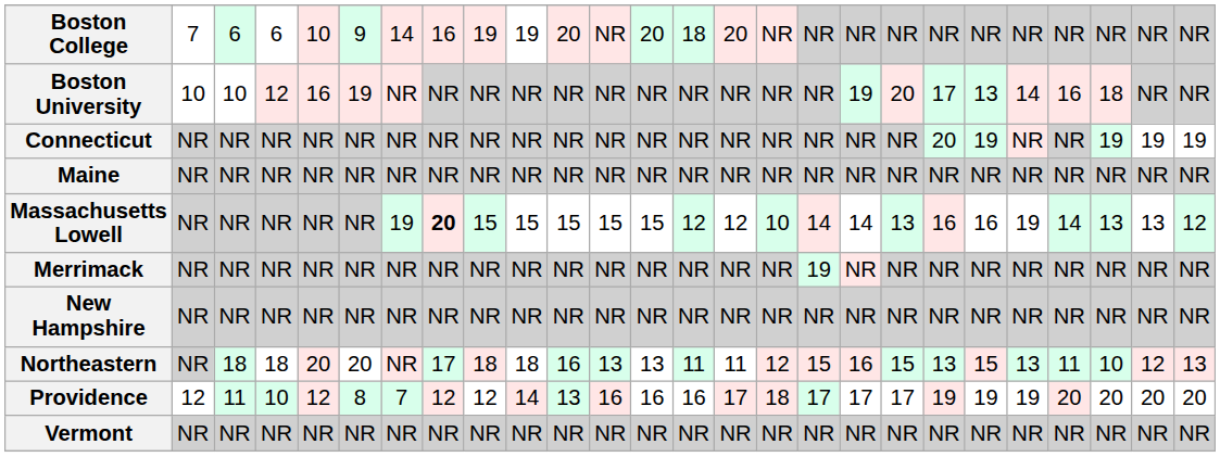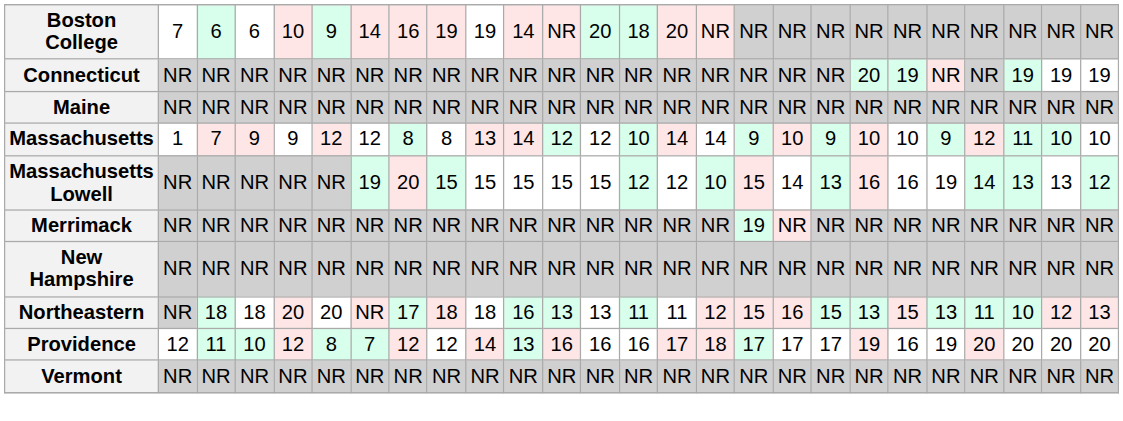 <table class="wikitable sortable" style="text-align: center;">
 <tr>
 </tr>
 <tr>
 <th>Boston College</th>
 <td bgcolor=FFFFFF>7</td>
 <td bgcolor=D8FFEB>6</td>
 <td bgcolor=FFFFFF>6</td>
 <td bgcolor=FFE6E6>10</td>
 <td bgcolor=D8FFEB>9</td>
 <td bgcolor=FFE6E6>14</td>
 <td bgcolor=FFE6E6>16</td>
 <td bgcolor=FFE6E6>19</td>
 <td bgcolor=FFFFFF>19</td>
-<td bgcolor=FFE6E6>20</td>
+<td bgcolor=FFE6E6>14</td>
 <td bgcolor=FFE6E6>NR</td>
 <td bgcolor=D8FFEB>20</td>
 <td bgcolor=D8FFEB>18</td>
 <td bgcolor=FFE6E6>20</td>
 <td bgcolor=FFE6E6>NR</td>
 <td bgcolor=d0d0d0>NR</td>
 <td bgcolor=d0d0d0>NR</td>
 <td bgcolor=d0d0d0>NR</td>
 <td bgcolor=d0d0d0>NR</td>
 <td bgcolor=d0d0d0>NR</td>
 <td bgcolor=d0d0d0>NR</td>
 <td bgcolor=d0d0d0>NR</td>
 <td bgcolor=d0d0d0>NR</td>
-<td bgcolor=d0d0d0>NR</td>
-<td bgcolor=d0d0d0>NR</td>
-</tr>
-<tr>
-<th>Boston University</th>
-<td bgcolor=FFFFFF>10</td>
-<td bgcolor=FFFFFF>10</td>
-<td bgcolor=FFE6E6>12</td>
-<td bgcolor=FFE6E6>16</td>
-<td bgcolor=FFE6E6>19</td>
-<td bgcolor=FFE6E6>NR</td>
-<td bgcolor=d0d0d0>NR</td>
-<td bgcolor=d0d0d0>NR</td>
-<td bgcolor=d0d0d0>NR</td>
-<td bgcolor=d0d0d0>NR</td>
-<td bgcolor=d0d0d0>NR</td>
-<td bgcolor=d0d0d0>NR</td>
-<td bgcolor=d0d0d0>NR</td>
-<td bgcolor=d0d0d0>NR</td>
-<td bgcolor=d0d0d0>NR</td>
-<td bgcolor=d0d0d0>NR</td>
-<td bgcolor=D8FFEB>19</td>
-<td bgcolor=FFE6E6>20</td>
-<td bgcolor=D8FFEB>17</td>
-<td bgcolor=D8FFEB>13</td>
-<td bgcolor=FFE6E6>14</td>
-<td bgcolor=FFE6E6>16</td>
-<td bgcolor=FFE6E6>18</td>
 <td bgcolor=d0d0d0>NR</td>
 <td bgcolor=d0d0d0>NR</td>
 </tr>
 <tr>
 <th>Connecticut</th>
 <td bgcolor=d0d0d0>NR</td>
 <td bgcolor=d0d0d0>NR</td>
 <td bgcolor=d0d0d0>NR</td>
 <td bgcolor=d0d0d0>NR</td>
 <td bgcolor=d0d0d0>NR</td>
 <td bgcolor=d0d0d0>NR</td>
 <td bgcolor=d0d0d0>NR</td>
 <td bgcolor=d0d0d0>NR</td>
 <td bgcolor=d0d0d0>NR</td>
 <td bgcolor=d0d0d0>NR</td>
 <td bgcolor=d0d0d0>NR</td>
 <td bgcolor=d0d0d0>NR</td>
 <td bgcolor=d0d0d0>NR</td>
 <td bgcolor=d0d0d0>NR</td>
 <td bgcolor=d0d0d0>NR</td>
 <td bgcolor=d0d0d0>NR</td>
 <td bgcolor=d0d0d0>NR</td>
 <td bgcolor=d0d0d0>NR</td>
 <td bgcolor=D8FFEB>20</td>
 <td bgcolor=D8FFEB>19</td>
 <td bgcolor=FFE6E6>NR</td>
 <td bgcolor=d0d0d0>NR</td>
 <td bgcolor=D8FFEB>19</td>
 <td bgcolor=FFFFFF>19</td>
 <td bgcolor=FFFFFF>19</td>
 </tr>
 <tr>
 <th>Maine</th>
 <td bgcolor=d0d0d0>NR</td>
 <td bgcolor=d0d0d0>NR</td>
 <td bgcolor=d0d0d0>NR</td>
 <td bgcolor=d0d0d0>NR</td>
 <td bgcolor=d0d0d0>NR</td>
 <td bgcolor=d0d0d0>NR</td>
 <td bgcolor=d0d0d0>NR</td>
 <td bgcolor=d0d0d0>NR</td>
 <td bgcolor=d0d0d0>NR</td>
 <td bgcolor=d0d0d0>NR</td>
 <td bgcolor=d0d0d0>NR</td>
 <td bgcolor=d0d0d0>NR</td>
 <td bgcolor=d0d0d0>NR</td>
 <td bgcolor=d0d0d0>NR</td>
 <td bgcolor=d0d0d0>NR</td>
 <td bgcolor=d0d0d0>NR</td>
 <td bgcolor=d0d0d0>NR</td>
 <td bgcolor=d0d0d0>NR</td>
 <td bgcolor=d0d0d0>NR</td>
 <td bgcolor=d0d0d0>NR</td>
 <td bgcolor=d0d0d0>NR</td>
 <td bgcolor=d0d0d0>NR</td>
 <td bgcolor=d0d0d0>NR</td>
 <td bgcolor=d0d0d0>NR</td>
 <td bgcolor=d0d0d0>NR</td>
 </tr>
 <tr>
+<th>Massachusetts</th>
+<td bgcolor=FFFFFF>1</td>
+<td bgcolor=FFE6E6>7</td>
+<td bgcolor=FFE6E6>9</td>
+<td bgcolor=FFFFFF>9</td>
+<td bgcolor=FFE6E6>12</td>
+<td bgcolor=FFFFFF>12</td>
+<td bgcolor=D8FFEB>8</td>
+<td bgcolor=FFFFFF>8</td>
+<td bgcolor=FFE6E6>13</td>
+<td bgcolor=FFE6E6>14</td>
+<td bgcolor=D8FFEB>12</td>
+<td bgcolor=FFFFFF>12</td>
+<td bgcolor=D8FFEB>10</td>
+<td bgcolor=FFE6E6>14</td>
+<td bgcolor=FFFFFF>14</td>
+<td bgcolor=D8FFEB>9</td>
+<td bgcolor=FFE6E6>10</td>
+<td bgcolor=D8FFEB>9</td>
+<td bgcolor=FFE6E6>10</td>
+<td bgcolor=FFFFFF>10</td>
+<td bgcolor=D8FFEB>9</td>
+<td bgcolor=FFE6E6>12</td>
+<td bgcolor=D8FFEB>11</td>
+<td bgcolor=D8FFEB>10</td>
+<td bgcolor=FFFFFF>10</td>
+</tr>
+<tr>
 <th>Massachusetts Lowell</th>
 <td bgcolor=d0d0d0>NR</td>
 <td bgcolor=d0d0d0>NR</td>
 <td bgcolor=d0d0d0>NR</td>
 <td bgcolor=d0d0d0>NR</td>
 <td bgcolor=d0d0d0>NR</td>
 <td bgcolor=D8FFEB>19</td>
-<td bgcolor=FFE6E6><strong>20</strong></td>
+<td bgcolor=FFE6E6>20</td>
 <td bgcolor=D8FFEB>15</td>
 <td bgcolor=FFFFFF>15</td>
 <td bgcolor=FFFFFF>15</td>
 <td bgcolor=FFFFFF>15</td>
 <td bgcolor=FFFFFF>15</td>
 <td bgcolor=D8FFEB>12</td>
 <td bgcolor=FFFFFF>12</td>
 <td bgcolor=D8FFEB>10</td>
-<td bgcolor=FFE6E6>14</td>
+<td bgcolor=FFE6E6>15</td>
 <td bgcolor=FFFFFF>14</td>
 <td bgcolor=D8FFEB>13</td>
 <td bgcolor=FFE6E6>16</td>
 <td bgcolor=FFFFFF>16</td>
 <td bgcolor=FFFFFF>19</td>
 <td bgcolor=D8FFEB>14</td>
 <td bgcolor=D8FFEB>13</td>
 <td bgcolor=FFFFFF>13</td>
 <td bgcolor=D8FFEB>12</td>
 </tr>
 <tr>
 <th>Merrimack</th>
 <td bgcolor=d0d0d0>NR</td>
 <td bgcolor=d0d0d0>NR</td>
 <td bgcolor=d0d0d0>NR</td>
 <td bgcolor=d0d0d0>NR</td>
 <td bgcolor=d0d0d0>NR</td>
 <td bgcolor=d0d0d0>NR</td>
 <td bgcolor=d0d0d0>NR</td>
 <td bgcolor=d0d0d0>NR</td>
 <td bgcolor=d0d0d0>NR</td>
 <td bgcolor=d0d0d0>NR</td>
 <td bgcolor=d0d0d0>NR</td>
 <td bgcolor=d0d0d0>NR</td>
 <td bgcolor=d0d0d0>NR</td>
 <td bgcolor=d0d0d0>NR</td>
 <td bgcolor=d0d0d0>NR</td>
 <td bgcolor=D8FFEB>19</td>
 <td bgcolor=FFE6E6>NR</td>
 <td bgcolor=d0d0d0>NR</td>
 <td bgcolor=d0d0d0>NR</td>
 <td bgcolor=d0d0d0>NR</td>
 <td bgcolor=d0d0d0>NR</td>
 <td bgcolor=d0d0d0>NR</td>
 <td bgcolor=d0d0d0>NR</td>
 <td bgcolor=d0d0d0>NR</td>
 <td bgcolor=d0d0d0>NR</td>
 </tr>
 <tr>
 <th>New Hampshire</th>
 <td bgcolor=d0d0d0>NR</td>
 <td bgcolor=d0d0d0>NR</td>
 <td bgcolor=d0d0d0>NR</td>
 <td bgcolor=d0d0d0>NR</td>
 <td bgcolor=d0d0d0>NR</td>
 <td bgcolor=d0d0d0>NR</td>
 <td bgcolor=d0d0d0>NR</td>
 <td bgcolor=d0d0d0>NR</td>
 <td bgcolor=d0d0d0>NR</td>
 <td bgcolor=d0d0d0>NR</td>
 <td bgcolor=d0d0d0>NR</td>
 <td bgcolor=d0d0d0>NR</td>
 <td bgcolor=d0d0d0>NR</td>
 <td bgcolor=d0d0d0>NR</td>
 <td bgcolor=d0d0d0>NR</td>
 <td bgcolor=d0d0d0>NR</td>
 <td bgcolor=d0d0d0>NR</td>
 <td bgcolor=d0d0d0>NR</td>
 <td bgcolor=d0d0d0>NR</td>
 <td bgcolor=d0d0d0>NR</td>
 <td bgcolor=d0d0d0>NR</td>
 <td bgcolor=d0d0d0>NR</td>
 <td bgcolor=d0d0d0>NR</td>
 <td bgcolor=d0d0d0>NR</td>
 <td bgcolor=d0d0d0>NR</td>
 </tr>
 <tr>
 <th>Northeastern</th>
 <td bgcolor=d0d0d0>NR</td>
 <td bgcolor=D8FFEB>18</td>
 <td bgcolor=FFFFFF>18</td>
 <td bgcolor=FFE6E6>20</td>
 <td bgcolor=FFFFFF>20</td>
 <td bgcolor=FFE6E6>NR</td>
 <td bgcolor=D8FFEB>17</td>
 <td bgcolor=FFE6E6>18</td>
 <td bgcolor=FFFFFF>18</td>
 <td bgcolor=D8FFEB>16</td>
 <td bgcolor=D8FFEB>13</td>
 <td bgcolor=FFFFFF>13</td>
 <td bgcolor=D8FFEB>11</td>
 <td bgcolor=FFFFFF>11</td>
 <td bgcolor=FFE6E6>12</td>
 <td bgcolor=FFE6E6>15</td>
 <td bgcolor=FFE6E6>16</td>
 <td bgcolor=D8FFEB>15</td>
 <td bgcolor=D8FFEB>13</td>
 <td bgcolor=FFE6E6>15</td>
 <td bgcolor=D8FFEB>13</td>
 <td bgcolor=D8FFEB>11</td>
 <td bgcolor=D8FFEB>10</td>
 <td bgcolor=FFE6E6>12</td>
 <td bgcolor=FFE6E6>13</td>
 </tr>
 <tr>
 <th>Providence</th>
 <td bgcolor=FFFFFF>12</td>
 <td bgcolor=D8FFEB>11</td>
 <td bgcolor=D8FFEB>10</td>
 <td bgcolor=FFE6E6>12</td>
 <td bgcolor=D8FFEB>8</td>
 <td bgcolor=D8FFEB>7</td>
 <td bgcolor=FFE6E6>12</td>
 <td bgcolor=FFFFFF>12</td>
 <td bgcolor=FFE6E6>14</td>
 <td bgcolor=D8FFEB>13</td>
 <td bgcolor=FFE6E6>16</td>
 <td bgcolor=FFFFFF>16</td>
 <td bgcolor=FFFFFF>16</td>
 <td bgcolor=FFE6E6>17</td>
 <td bgcolor=FFE6E6>18</td>
 <td bgcolor=D8FFEB>17</td>
 <td bgcolor=FFFFFF>17</td>
 <td bgcolor=FFFFFF>17</td>
 <td bgcolor=FFE6E6>19</td>
-<td bgcolor=FFFFFF>19</td>
+<td bgcolor=FFFFFF>16</td>
 <td bgcolor=FFFFFF>19</td>
 <td bgcolor=FFE6E6>20</td>
 <td bgcolor=FFFFFF>20</td>
 <td bgcolor=FFFFFF>20</td>
 <td bgcolor=FFFFFF>20</td>
 </tr>
 <tr>
 <th>Vermont</th>
 <td bgcolor=d0d0d0>NR</td>
 <td bgcolor=d0d0d0>NR</td>
 <td bgcolor=d0d0d0>NR</td>
 <td bgcolor=d0d0d0>NR</td>
 <td bgcolor=d0d0d0>NR</td>
 <td bgcolor=d0d0d0>NR</td>
 <td bgcolor=d0d0d0>NR</td>
 <td bgcolor=d0d0d0>NR</td>
 <td bgcolor=d0d0d0>NR</td>
 <td bgcolor=d0d0d0>NR</td>
 <td bgcolor=d0d0d0>NR</td>
 <td bgcolor=d0d0d0>NR</td>
 <td bgcolor=d0d0d0>NR</td>
 <td bgcolor=d0d0d0>NR</td>
 <td bgcolor=d0d0d0>NR</td>
 <td bgcolor=d0d0d0>NR</td>
 <td bgcolor=d0d0d0>NR</td>
 <td bgcolor=d0d0d0>NR</td>
 <td bgcolor=d0d0d0>NR</td>
 <td bgcolor=d0d0d0>NR</td>
 <td bgcolor=d0d0d0>NR</td>
 <td bgcolor=d0d0d0>NR</td>
 <td bgcolor=d0d0d0>NR</td>
 <td bgcolor=d0d0d0>NR</td>
 <td bgcolor=d0d0d0>NR</td>
 </tr>
 <tr>
 </tr>
 </table>
